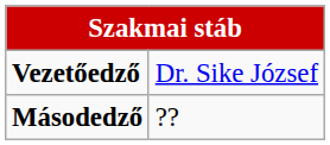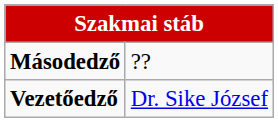 <table class=wikitable bgcolor="white" cellpadding="3" cellspacing="0" border="1" style="font-size: 95%; border-collapse: collapse;">
 <tr>
 <th colspan="2" style="margin:0.7em;color: #FFFFFF;text-align:center;background:#CC0000">Szakmai stáb</th>
 </tr>
 <tr>
+<td align="left"><strong>Másodedző</strong></td>
+<td align="left"> ??</td>
+</tr>
+<tr>
 <td align="left"><strong>Vezetőedző</strong></td>
 <td align="left"> <a href='#'>Dr. Sike József</a></td>
 </tr>
-<tr>
-<td align="left"><strong>Másodedző</strong></td>
-<td align="left"> ??</td>
-</tr>
 </table>
